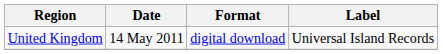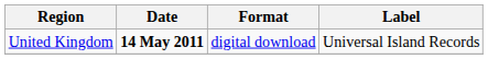 <table class=wikitable>
 <tr>
 <th>Region</th>
 <th>Date</th>
 <th>Format</th>
 <th>Label</th>
 </tr>
 <tr>
 <td><a href='#'>United Kingdom</a></td>
-<td>14 May 2011</td>
+<td><strong>14 May 2011</strong></td>
 <td><a href='#'>digital download</a></td>
 <td>Universal Island Records</td>
 </tr>
 <tr>
 </tr>
 </table>
